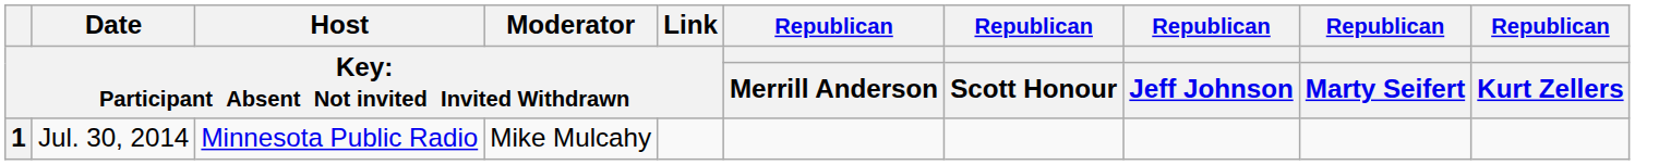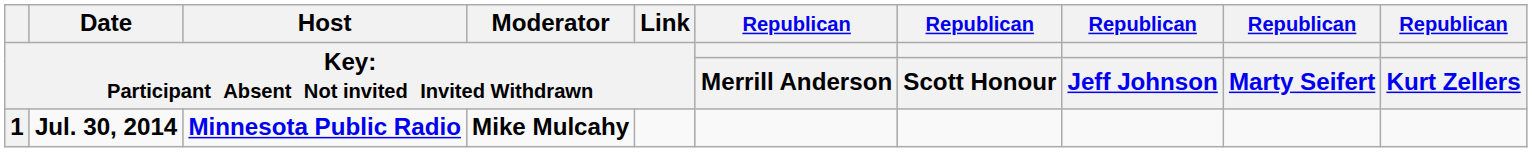 <table class="wikitable" style="text-align:center;">
 <tr>
 <th scope="col"></th>
 <th scope="col">Date</th>
 <th scope="col">Host</th>
 <th scope="col">Moderator</th>
 <th scope="col">Link</th>
 <th scope="col"><small><a href='#'>Republican</a></small></th>
 <th scope="col"><small><a href='#'>Republican</a></small></th>
 <th scope="col"><small><a href='#'>Republican</a></small></th>
 <th scope="col"><small><a href='#'>Republican</a></small></th>
 <th scope="col"><small><a href='#'>Republican</a></small></th>
 </tr>
 <tr>
 <th colspan="5" rowspan="2">Key:<br> <small>Participant </small>  <small>Absent </small>  <small>Not invited </small>  <small>Invited  Withdrawn</small></th>
 <th scope="col" style="background:"></th>
 <th scope="col" style="background:"></th>
 <th scope="col" style="background:"></th>
 <th scope="col" style="background:"></th>
 <th scope="col" style="background:"></th>
 </tr>
 <tr>
 <th scope="col">Merrill Anderson</th>
 <th scope="col">Scott Honour</th>
 <th scope="col"><a href='#'>Jeff Johnson</a></th>
 <th scope="col"><a href='#'>Marty Seifert</a></th>
 <th scope="col"><a href='#'>Kurt Zellers</a></th>
 </tr>
 <tr>
 <th>1</th>
-<td style="white-space:nowrap;">Jul. 30, 2014</td>
-<td style="white-space:nowrap;"><a href='#'>Minnesota Public Radio</a></td>
-<td style="white-space:nowrap;">Mike Mulcahy</td>
+<td style="white-space:nowrap;"><strong>Jul. 30, 2014</strong></td>
+<td style="white-space:nowrap;"><strong><a href='#'>Minnesota Public Radio</a></strong></td>
+<td style="white-space:nowrap;"><strong>Mike Mulcahy</strong></td>
 <td style="white-space:nowrap;"></td>
 <td></td>
 <td></td>
 <td></td>
 <td></td>
 <td></td>
 </tr>
 </table>
